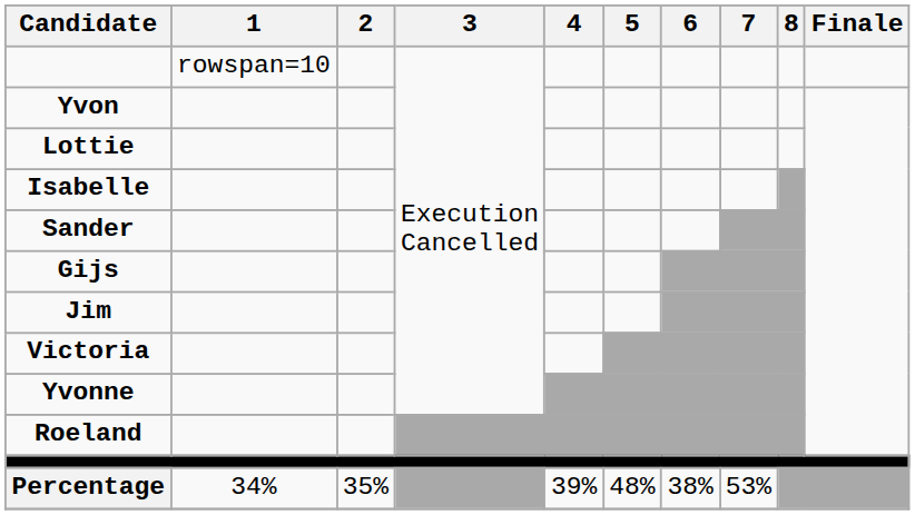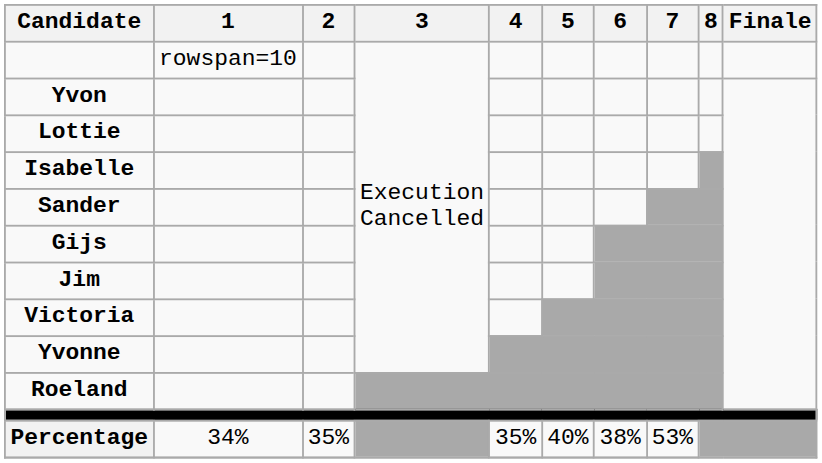 <table class="wikitable" border="2" class="wikitable" style="text-align:center;font-size:96%">
 <tr>
 <th>Candidate</th>
 <th>1</th>
 <th>2</th>
 <th>3</th>
 <th>4</th>
 <th>5</th>
 <th>6</th>
 <th>7</th>
 <th>8</th>
 <th>Finale</th>
 </tr>
 <tr>
 <td><strong></strong></td>
 <td>rowspan=10 </td>
 <td></td>
 <td rowspan=9>Execution<br>Cancelled</td>
 <td></td>
 <td></td>
 <td></td>
 <td></td>
 <td></td>
 <td></td>
 </tr>
 <tr>
 <td><strong>Yvon</strong></td>
 <td></td>
 <td></td>
 <td></td>
 <td></td>
 <td></td>
 <td></td>
 <td></td>
 </tr>
 <tr>
 <td><strong>Lottie</strong></td>
 <td></td>
 <td></td>
 <td></td>
 <td></td>
 <td></td>
 <td></td>
 <td></td>
 </tr>
 <tr>
 <td><strong>Isabelle</strong></td>
 <td></td>
 <td></td>
 <td></td>
 <td></td>
 <td></td>
 <td></td>
 <td bgcolor=darkgray></td>
 </tr>
 <tr>
 <td><strong>Sander</strong></td>
 <td></td>
 <td></td>
 <td></td>
 <td></td>
 <td></td>
 <td colspan=2 bgcolor=darkgray></td>
 </tr>
 <tr>
 <td><strong>Gijs</strong></td>
 <td></td>
 <td></td>
 <td></td>
 <td></td>
 <td colspan=3 bgcolor=darkgray></td>
 </tr>
 <tr>
 <td><strong>Jim</strong></td>
 <td></td>
 <td></td>
 <td></td>
 <td></td>
 <td colspan=3 bgcolor=darkgray></td>
 </tr>
 <tr>
 <td><strong>Victoria</strong></td>
 <td></td>
 <td></td>
 <td></td>
 <td colspan=4 bgcolor=darkgray></td>
 </tr>
 <tr>
 <td><strong>Yvonne</strong></td>
 <td></td>
 <td></td>
 <td colspan=5 bgcolor=darkgray></td>
 </tr>
 <tr>
 <td><strong>Roeland</strong></td>
 <td></td>
 <td></td>
 <td colspan=6 bgcolor=darkgray></td>
 </tr>
 <tr>
 <td bgcolor=black colspan="10"></td>
 </tr>
 <tr>
 <th>Percentage</th>
 <td>34%</td>
 <td>35%</td>
 <td bgcolor=darkgray></td>
-<td>39%</td>
-<td>48%</td>
+<td>35%</td>
+<td>40%</td>
 <td>38%</td>
 <td>53%</td>
 <td colspan=2 bgcolor=darkgray></td>
 </tr>
 <tr>
 </tr>
 </table>
